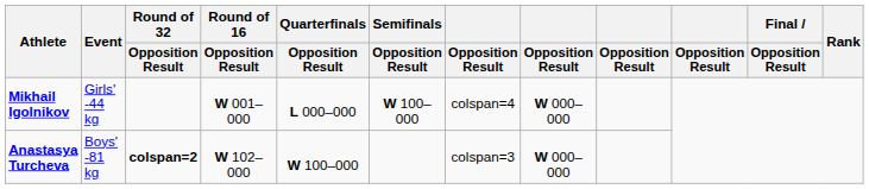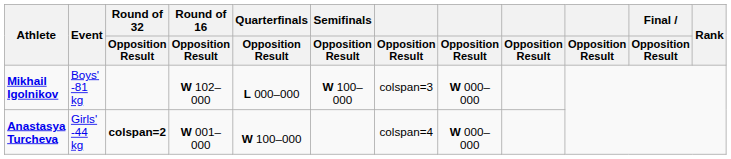 <table class="wikitable" style="font-size:90%">
 <tr>
 <th rowspan="2">Athlete</th>
 <th rowspan="2">Event</th>
 <th>Round of 32</th>
 <th>Round of 16</th>
 <th>Quarterfinals</th>
 <th>Semifinals</th>
 <th></th>
 <th></th>
 <th></th>
 <th></th>
 <th>Final / </th>
 <th rowspan=2>Rank</th>
 </tr>
 <tr style="font-size:95%">
 <th>Opposition<br>Result</th>
 <th>Opposition<br>Result</th>
 <th>Opposition<br>Result</th>
 <th>Opposition<br>Result</th>
 <th>Opposition<br>Result</th>
 <th>Opposition<br>Result</th>
 <th>Opposition<br>Result</th>
 <th>Opposition<br>Result</th>
 <th>Opposition<br>Result</th>
 </tr>
 <tr align=center>
 <td align=left><strong><a href='#'>Mikhail Igolnikov</a></strong></td>
-<td align=left><a href='#'>Girls' -44 kg</a></td>
+<td align=left><a href='#'>Boys' -81 kg</a></td>
 <td></td>
-<td><br><strong>W</strong> 001–000</td>
+<td><br><strong>W</strong> 102–000</td>
 <td><br><strong>L</strong> 000–000</td>
 <td><br><strong>W</strong> 100–000</td>
-<td>colspan=4 </td>
+<td>colspan=3 </td>
 <td><br><strong>W</strong> 000–000</td>
 <td></td>
 </tr>
 <tr align=center>
 <td align=left><strong><a href='#'>Anastasya Turcheva</a></strong></td>
-<td align=left><a href='#'>Boys' -81 kg</a></td>
+<td align=left><a href='#'>Girls' -44 kg</a></td>
 <td><strong>colspan=2 </strong></td>
-<td><br><strong>W</strong> 102–000</td>
+<td><br><strong>W</strong> 001–000</td>
 <td><br><strong>W</strong> 100–000</td>
 <td></td>
-<td>colspan=3 </td>
+<td>colspan=4 </td>
 <td><br><strong>W</strong> 000–000</td>
 <td></td>
 </tr>
 </table>
